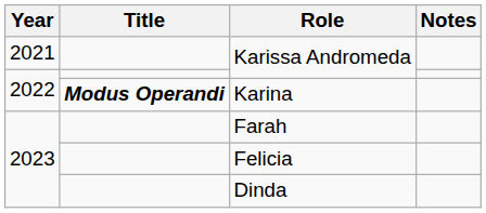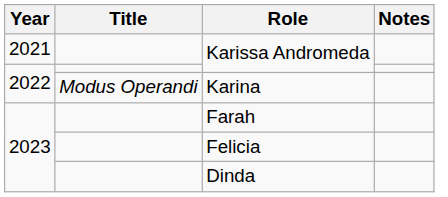 <table class="wikitable sortable">
 <tr>
 <th>Year</th>
 <th>Title</th>
 <th>Role</th>
 <th>Notes</th>
 </tr>
 <tr>
 <td>2021</td>
 <td></td>
 <td rowspan="2">Karissa Andromeda</td>
 <td></td>
 </tr>
 <tr>
 <td rowspan="2">2022</td>
 <td></td>
 <td></td>
 </tr>
 <tr>
-<td><strong><em>Modus Operandi</em></strong></td>
+<td><em>Modus Operandi</em></td>
 <td>Karina</td>
 <td></td>
 </tr>
 <tr>
 <td rowspan="3">2023</td>
 <td></td>
 <td>Farah</td>
 <td></td>
 </tr>
 <tr>
 <td></td>
 <td>Felicia</td>
 <td></td>
 </tr>
 <tr>
 <td></td>
 <td>Dinda</td>
 <td></td>
 </tr>
 </table>
